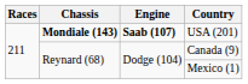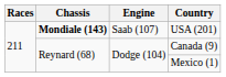 <table class="wikitable">
 <tr>
 <th>Races</th>
 <th>Chassis</th>
 <th>Engine</th>
 <th>Country</th>
 </tr>
 <tr>
 <td rowspan=3>211</td>
 <td><strong>Mondiale (143)</strong></td>
-<td><strong>Saab (107)</strong></td>
+<td>Saab (107)</td>
 <td>USA (201)</td>
 </tr>
 <tr>
 <td rowspan=2>Reynard (68)</td>
 <td rowspan=2>Dodge (104)</td>
 <td>Canada (9)</td>
 </tr>
 <tr>
 <td>Mexico (1)</td>
 </tr>
 </table>
